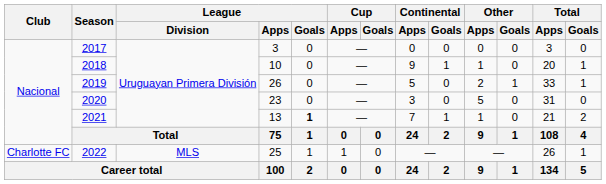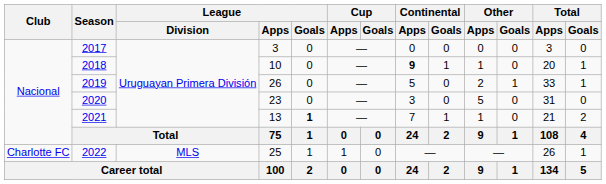 <table class="wikitable" Style="text-align: center">
 <tr>
 <th rowspan="2">Club</th>
 <th rowspan="2">Season</th>
 <th colspan="3">League</th>
 <th colspan="2">Cup</th>
 <th colspan="2">Continental</th>
 <th colspan="2">Other</th>
 <th colspan="2">Total</th>
 </tr>
 <tr>
 <th>Division</th>
 <th>Apps</th>
 <th>Goals</th>
 <th>Apps</th>
 <th>Goals</th>
 <th>Apps</th>
 <th>Goals</th>
 <th>Apps</th>
 <th>Goals</th>
 <th>Apps</th>
 <th>Goals</th>
 </tr>
 <tr>
 <td rowspan="6"><a href='#'>Nacional</a></td>
 <td><a href='#'>2017</a></td>
 <td rowspan="5"><a href='#'>Uruguayan Primera División</a></td>
 <td>3</td>
 <td>0</td>
 <td colspan="2">—</td>
 <td>0</td>
 <td>0</td>
 <td>0</td>
 <td>0</td>
 <td>3</td>
 <td>0</td>
 </tr>
 <tr>
 <td><a href='#'>2018</a></td>
 <td>10</td>
 <td>0</td>
 <td colspan="2">—</td>
-<td>9</td>
+<td><strong>9</strong></td>
 <td>1</td>
 <td>1</td>
 <td>0</td>
 <td>20</td>
 <td>1</td>
 </tr>
 <tr>
 <td><a href='#'>2019</a></td>
 <td>26</td>
 <td>0</td>
 <td colspan="2">—</td>
 <td>5</td>
 <td>0</td>
 <td>2</td>
 <td>1</td>
 <td>33</td>
 <td>1</td>
 </tr>
 <tr>
 <td><a href='#'>2020</a></td>
 <td>23</td>
 <td>0</td>
 <td colspan="2">—</td>
 <td>3</td>
 <td>0</td>
 <td>5</td>
 <td>0</td>
 <td>31</td>
 <td>0</td>
 </tr>
 <tr>
 <td><a href='#'>2021</a></td>
 <td>13</td>
 <td><strong>1</strong></td>
 <td colspan="2">—</td>
 <td>7</td>
 <td>1</td>
 <td>1</td>
 <td>0</td>
 <td>21</td>
 <td>2</td>
 </tr>
 <tr>
 <th colspan="2">Total</th>
 <th>75</th>
 <th>1</th>
 <th>0</th>
 <th>0</th>
 <th>24</th>
 <th>2</th>
 <th>9</th>
 <th>1</th>
 <th>108</th>
 <th>4</th>
 </tr>
 <tr>
 <td><a href='#'>Charlotte FC</a></td>
 <td><a href='#'>2022</a></td>
 <td><a href='#'>MLS</a></td>
 <td>25</td>
 <td>1</td>
 <td>1</td>
 <td>0</td>
 <td colspan="2">—</td>
 <td colspan="2">—</td>
 <td>26</td>
 <td>1</td>
 </tr>
 <tr>
 <th colspan="3">Career total</th>
 <th>100</th>
 <th>2</th>
 <th>0</th>
 <th>0</th>
 <th>24</th>
 <th>2</th>
 <th>9</th>
 <th>1</th>
 <th>134</th>
 <th>5</th>
 </tr>
 </table>
